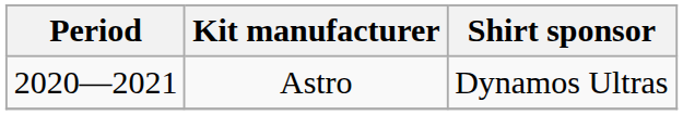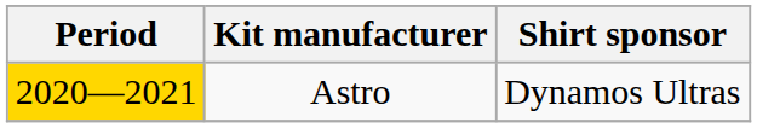 <table class="wikitable" style="text-align:center;margin-left:1em;float:center">
 <tr>
 <th>Period</th>
 <th>Kit manufacturer</th>
 <th>Shirt sponsor</th>
 </tr>
 <tr>
-<td>2020—2021</td>
+<td style="background: gold;">2020—2021</td>
 <td>Astro</td>
 <td>Dynamos Ultras</td>
 </tr>
 <tr>
 </tr>
 </table>
